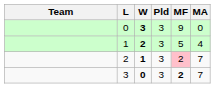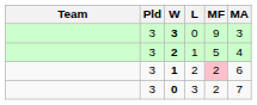 <table class=wikitable style="text-align:center">
 <tr>
 <th width=175>Team</th>
+<th width=20>Pld</th>
+<th width=20>W</th>
 <th width=20>L</th>
-<th width=20>W</th>
-<th width=20>Pld</th>
 <th width=20>MF</th>
 <th width=20>MA</th>
 </tr>
 <tr bgcolor=ccffcc>
 <td style="text-align:left"></td>
+<td>3</td>
+<td><strong>3</strong></td>
 <td>0</td>
-<td><strong>3</strong></td>
+<td>9</td>
 <td>3</td>
-<td>9</td>
-<td>0</td>
 </tr>
 <tr bgcolor=ccffcc>
 <td style="text-align:left"></td>
+<td>3</td>
+<td><strong>2</strong></td>
 <td>1</td>
-<td><strong>2</strong></td>
-<td>3</td>
 <td>5</td>
 <td>4</td>
 </tr>
 <tr>
 <td style="text-align:left"></td>
+<td>3</td>
+<td><strong>1</strong></td>
 <td>2</td>
-<td><strong>1</strong></td>
-<td>3</td>
 <td style="background: pink;">2</td>
-<td>7</td>
+<td>6</td>
 </tr>
 <tr>
 <td style="text-align:left"></td>
 <td>3</td>
 <td><strong>0</strong></td>
 <td>3</td>
-<td><strong>2</strong></td>
+<td>2</td>
 <td>7</td>
 </tr>
 </table>
